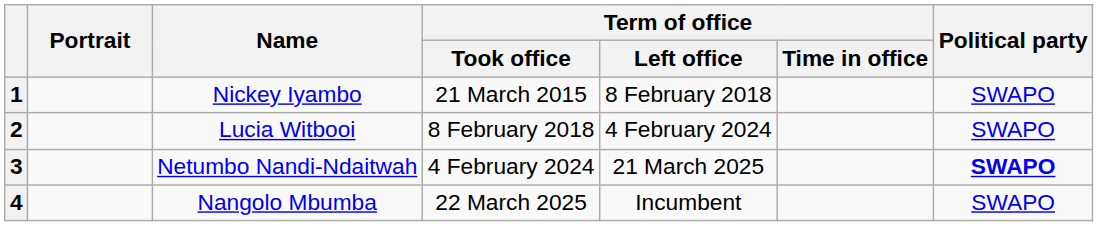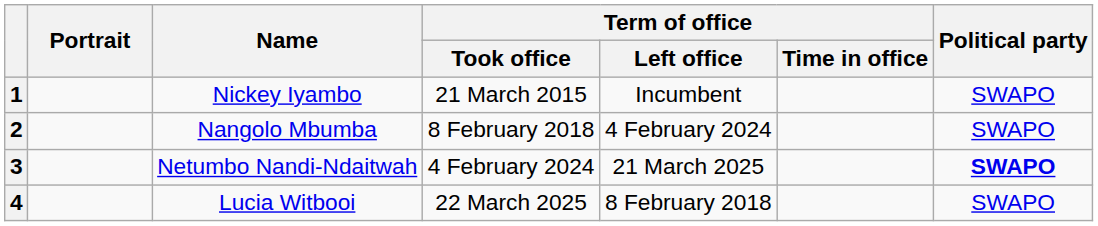 <table class="wikitable" style="text-align:center">
 <tr>
 <th rowspan="2"></th>
 <th rowspan="2" style="width:80px;">Portrait</th>
 <th rowspan="2">Name<br></th>
 <th colspan="3">Term of office</th>
 <th rowspan="2">Political party</th>
 </tr>
 <tr>
 <th>Took office</th>
 <th>Left office</th>
 <th>Time in office</th>
 </tr>
 <tr>
 <th style="background:">1</th>
 <td></td>
 <td><a href='#'>Nickey Iyambo</a><br></td>
 <td>21 March 2015</td>
-<td>8 February 2018</td>
+<td>Incumbent</td>
 <td></td>
 <td><a href='#'>SWAPO</a></td>
 </tr>
 <tr>
 <th style="background:">2</th>
 <td></td>
-<td><a href='#'>Lucia Witbooi</a><br></td>
+<td><a href='#'>Nangolo Mbumba</a><br></td>
 <td>8 February 2018</td>
 <td>4 February 2024</td>
 <td></td>
 <td><a href='#'>SWAPO</a></td>
 </tr>
 <tr>
 <th style="background:">3</th>
 <td></td>
 <td><a href='#'>Netumbo Nandi-Ndaitwah</a><br></td>
 <td>4 February 2024</td>
 <td>21 March 2025</td>
 <td></td>
 <td><strong><a href='#'>SWAPO</a></strong></td>
 </tr>
 <tr>
 <th style="background:">4</th>
 <td></td>
-<td><a href='#'>Nangolo Mbumba</a><br></td>
+<td><a href='#'>Lucia Witbooi</a><br></td>
 <td>22 March 2025</td>
-<td>Incumbent</td>
+<td>8 February 2018</td>
 <td></td>
 <td><a href='#'>SWAPO</a></td>
 </tr>
 </table>
